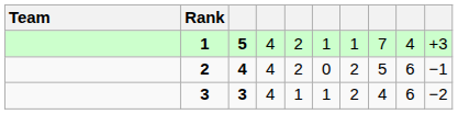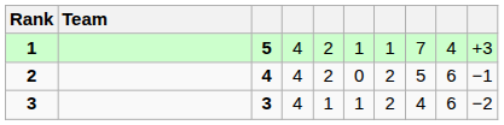 <table class="wikitable" style="text-align:center">
 <tr>
+<th width=30>Rank</th>
 <th width=165 style="text-align:left">Team</th>
-<th width=30>Rank</th>
 <th width=20></th>
 <th width=20></th>
 <th width=20></th>
 <th width=20></th>
 <th width=20></th>
 <th width=20></th>
 <th width=20></th>
 <th width=20></th>
 </tr>
 <tr bgcolor="#ccffcc">
+<td><strong>1</strong></td>
 <td align="left"></td>
-<td><strong>1</strong></td>
 <td><strong>5</strong></td>
 <td>4</td>
 <td>2</td>
 <td>1</td>
 <td>1</td>
 <td>7</td>
 <td>4</td>
 <td>+3</td>
 </tr>
 <tr>
+<td><strong>2</strong></td>
 <td align="left"></td>
-<td><strong>2</strong></td>
 <td><strong>4</strong></td>
 <td>4</td>
 <td>2</td>
 <td>0</td>
 <td>2</td>
 <td>5</td>
 <td>6</td>
 <td>−1</td>
 </tr>
 <tr>
+<td><strong>3</strong></td>
 <td align="left"></td>
-<td><strong>3</strong></td>
 <td><strong>3</strong></td>
 <td>4</td>
 <td>1</td>
 <td>1</td>
 <td>2</td>
 <td>4</td>
 <td>6</td>
 <td>−2</td>
 </tr>
 </table>
